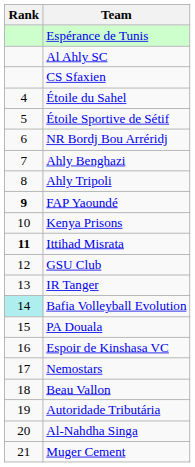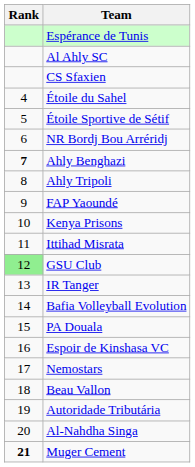 <table class="wikitable" style="text-align: center;">
 <tr>
 <th width=40>Rank</th>
 <th>Team</th>
 </tr>
 <tr bgcolor=#ccffcc>
 <td></td>
 <td style="text-align:left;"> <a href='#'>Espérance de Tunis</a></td>
 </tr>
 <tr align=center>
 <td></td>
 <td style="text-align:left;"> <a href='#'>Al Ahly SC</a></td>
 </tr>
 <tr align=center>
 <td></td>
 <td style="text-align:left;"> <a href='#'>CS Sfaxien</a></td>
 </tr>
 <tr align=center>
 <td>4</td>
 <td style="text-align:left;"> <a href='#'>Étoile du Sahel</a></td>
 </tr>
 <tr align=center>
 <td>5</td>
 <td style="text-align:left;"> <a href='#'>Étoile Sportive de Sétif</a></td>
 </tr>
 <tr align=center>
 <td>6</td>
 <td style="text-align:left;"> <a href='#'>NR Bordj Bou Arréridj</a></td>
 </tr>
 <tr align=center>
-<td>7</td>
+<td><strong>7</strong></td>
 <td style="text-align:left;"> <a href='#'>Ahly Benghazi</a></td>
 </tr>
 <tr align=center>
 <td>8</td>
 <td style="text-align:left;"> <a href='#'>Ahly Tripoli</a></td>
 </tr>
 <tr align=center>
-<td><strong>9</strong></td>
+<td>9</td>
 <td style="text-align:left;"> <a href='#'>FAP Yaoundé</a></td>
 </tr>
 <tr align=center>
 <td>10</td>
 <td style="text-align:left;"> <a href='#'>Kenya Prisons</a></td>
 </tr>
 <tr align=center>
-<td><strong>11</strong></td>
+<td>11</td>
 <td style="text-align:left;"> <a href='#'>Ittihad Misrata</a></td>
 </tr>
 <tr align=center>
-<td>12</td>
+<td style="background: lightgreen;">12</td>
 <td style="text-align:left;"> <a href='#'>GSU Club</a></td>
 </tr>
 <tr align=center>
 <td>13</td>
 <td style="text-align:left;"> <a href='#'>IR Tanger</a></td>
 </tr>
 <tr align=center>
-<td style="background: paleturquoise;">14</td>
+<td>14</td>
 <td style="text-align:left;"> <a href='#'>Bafia Volleyball Evolution</a></td>
 </tr>
 <tr align=center>
 <td>15</td>
 <td style="text-align:left;"> <a href='#'>PA Douala</a></td>
 </tr>
 <tr align=center>
 <td>16</td>
 <td style="text-align:left;"> <a href='#'>Espoir de Kinshasa VC</a></td>
 </tr>
 <tr align=center>
 <td>17</td>
 <td style="text-align:left;"> <a href='#'>Nemostars</a></td>
 </tr>
 <tr align=center>
 <td>18</td>
 <td style="text-align:left;"> <a href='#'>Beau Vallon</a></td>
 </tr>
 <tr align=center>
 <td>19</td>
 <td style="text-align:left;"> <a href='#'>Autoridade Tributária</a></td>
 </tr>
 <tr align=center>
 <td>20</td>
 <td style="text-align:left;"> <a href='#'>Al-Nahdha Singa</a></td>
 </tr>
 <tr align=center>
-<td>21</td>
+<td><strong>21</strong></td>
 <td style="text-align:left;"> <a href='#'>Muger Cement</a></td>
 </tr>
 </table>
